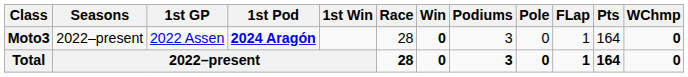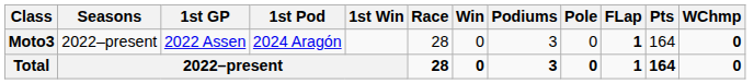 <table class="wikitable" style=text-align:right;">
 <tr>
 <th>Class</th>
 <th>Seasons</th>
 <th>1st GP</th>
 <th>1st Pod</th>
 <th>1st Win</th>
 <th>Race</th>
 <th>Win</th>
 <th>Podiums</th>
 <th>Pole</th>
 <th>FLap</th>
 <th>Pts</th>
 <th>WChmp</th>
 </tr>
 <tr>
 <th>Moto3</th>
 <td>2022–present</td>
 <td style="text-align:left;"><a href='#'>2022 Assen</a></td>
-<td style="text-align:left;"><strong><a href='#'>2024 Aragón</a></strong></td>
+<td style="text-align:left;"><a href='#'>2024 Aragón</a></td>
 <td style="text-align:left;"></td>
 <td>28</td>
-<td><strong>0</strong></td>
+<td>0</td>
 <td>3</td>
 <td>0</td>
-<td>1</td>
+<td><strong>1</strong></td>
 <td>164</td>
 <td><strong>0</strong></td>
 </tr>
 <tr>
 <th>Total</th>
 <th colspan="4">2022–present</th>
 <td><strong>28</strong></td>
 <td><strong>0</strong></td>
 <td><strong>3</strong></td>
 <td><strong>0</strong></td>
 <td><strong>1</strong></td>
 <td><strong>164</strong></td>
 <td><strong>0</strong></td>
 </tr>
 </table>
